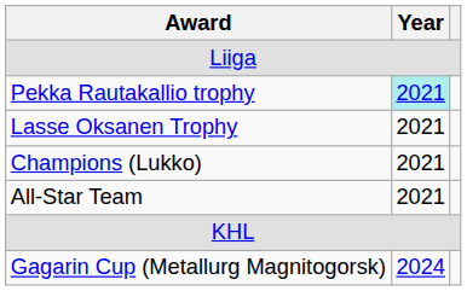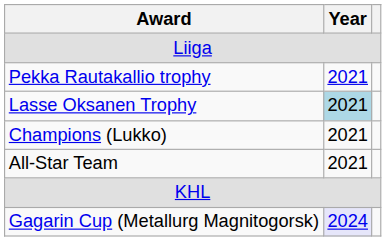 <table class="wikitable">
 <tr>
 <th>Award</th>
 <th>Year</th>
 <th></th>
 </tr>
 <tr ALIGN="center" bgcolor="#e0e0e0">
 <td colspan="3"><a href='#'>Liiga</a></td>
 </tr>
 <tr>
 <td><a href='#'>Pekka Rautakallio trophy</a></td>
-<td style="background: paleturquoise;"><a href='#'>2021</a></td>
+<td><a href='#'>2021</a></td>
 <td></td>
 </tr>
 <tr>
 <td><a href='#'>Lasse Oksanen Trophy</a></td>
-<td>2021</td>
+<td style="background: lightblue;">2021</td>
 <td></td>
 </tr>
 <tr>
 <td><a href='#'>Champions</a> (Lukko)</td>
 <td>2021</td>
 <td></td>
 </tr>
 <tr>
 <td>All-Star Team</td>
 <td>2021</td>
 <td></td>
 </tr>
 <tr ALIGN="center" bgcolor="#e0e0e0">
 <td colspan="3"><a href='#'>KHL</a></td>
 </tr>
 <tr>
 <td><a href='#'>Gagarin Cup</a> (Metallurg Magnitogorsk)</td>
-<td><a href='#'>2024</a></td>
+<td style="background: lavender;"><a href='#'>2024</a></td>
 <td></td>
 </tr>
 </table>
